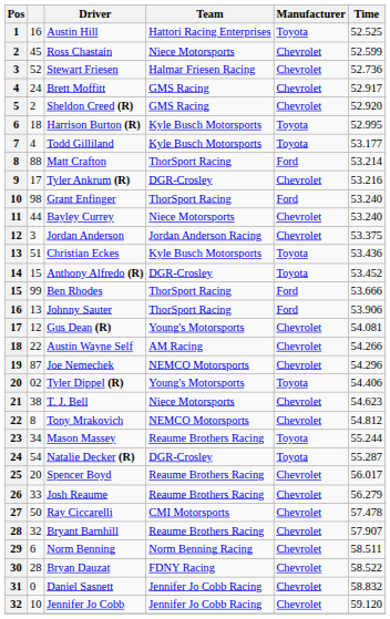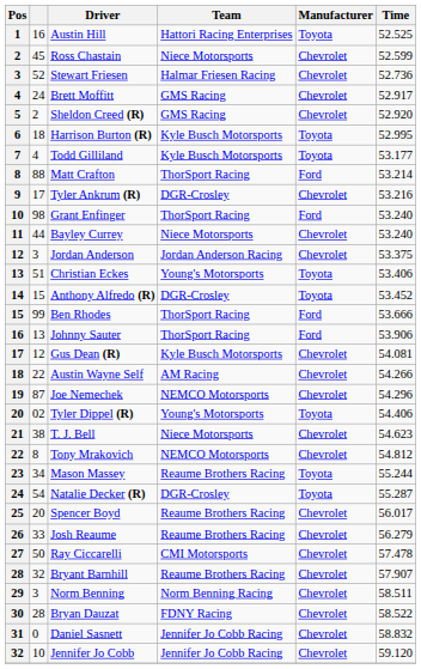 <table class="wikitable" style="font-size:98%">
 <tr>
 <th>Pos</th>
 <th></th>
 <th>Driver</th>
 <th>Team</th>
 <th>Manufacturer</th>
 <th>Time</th>
 </tr>
 <tr>
 <th>1</th>
 <td>16</td>
 <td><a href='#'>Austin Hill</a></td>
 <td><a href='#'>Hattori Racing Enterprises</a></td>
 <td><a href='#'>Toyota</a></td>
 <td>52.525</td>
 </tr>
 <tr>
 <th>2</th>
 <td>45</td>
 <td><a href='#'>Ross Chastain</a></td>
 <td><a href='#'>Niece Motorsports</a></td>
 <td><a href='#'>Chevrolet</a></td>
 <td>52.599</td>
 </tr>
 <tr>
 <th>3</th>
 <td>52</td>
 <td><a href='#'>Stewart Friesen</a></td>
 <td><a href='#'>Halmar Friesen Racing</a></td>
 <td><a href='#'>Chevrolet</a></td>
 <td>52.736</td>
 </tr>
 <tr>
 <th>4</th>
 <td>24</td>
 <td><a href='#'>Brett Moffitt</a></td>
 <td><a href='#'>GMS Racing</a></td>
 <td><a href='#'>Chevrolet</a></td>
 <td>52.917</td>
 </tr>
 <tr>
 <th>5</th>
 <td>2</td>
 <td><a href='#'>Sheldon Creed</a> <strong>(R)</strong></td>
 <td><a href='#'>GMS Racing</a></td>
 <td><a href='#'>Chevrolet</a></td>
 <td>52.920</td>
 </tr>
 <tr>
 <th>6</th>
 <td>18</td>
 <td><a href='#'>Harrison Burton</a> <strong>(R)</strong></td>
 <td><a href='#'>Kyle Busch Motorsports</a></td>
 <td><a href='#'>Toyota</a></td>
 <td>52.995</td>
 </tr>
 <tr>
 <th>7</th>
 <td>4</td>
 <td><a href='#'>Todd Gilliland</a></td>
 <td><a href='#'>Kyle Busch Motorsports</a></td>
 <td><a href='#'>Toyota</a></td>
 <td>53.177</td>
 </tr>
 <tr>
 <th>8</th>
 <td>88</td>
 <td><a href='#'>Matt Crafton</a></td>
 <td><a href='#'>ThorSport Racing</a></td>
 <td><a href='#'>Ford</a></td>
 <td>53.214</td>
 </tr>
 <tr>
 <th>9</th>
 <td>17</td>
 <td><a href='#'>Tyler Ankrum</a> <strong>(R)</strong></td>
 <td><a href='#'>DGR-Crosley</a></td>
 <td><a href='#'>Chevrolet</a></td>
 <td>53.216</td>
 </tr>
 <tr>
 <th>10</th>
 <td>98</td>
 <td><a href='#'>Grant Enfinger</a></td>
 <td><a href='#'>ThorSport Racing</a></td>
 <td><a href='#'>Ford</a></td>
 <td>53.240</td>
 </tr>
 <tr>
 <th>11</th>
 <td>44</td>
 <td><a href='#'>Bayley Currey</a></td>
 <td><a href='#'>Niece Motorsports</a></td>
 <td><a href='#'>Chevrolet</a></td>
 <td>53.240</td>
 </tr>
 <tr>
 <th>12</th>
 <td>3</td>
 <td><a href='#'>Jordan Anderson</a></td>
 <td><a href='#'>Jordan Anderson Racing</a></td>
 <td><a href='#'>Chevrolet</a></td>
 <td>53.375</td>
 </tr>
 <tr>
 <th>13</th>
 <td>51</td>
 <td><a href='#'>Christian Eckes</a></td>
-<td><a href='#'>Kyle Busch Motorsports</a></td>
+<td><a href='#'>Young's Motorsports</a></td>
 <td><a href='#'>Toyota</a></td>
-<td>53.436</td>
+<td>53.406</td>
 </tr>
 <tr>
 <th>14</th>
 <td>15</td>
 <td><a href='#'>Anthony Alfredo</a> <strong>(R)</strong></td>
 <td><a href='#'>DGR-Crosley</a></td>
 <td><a href='#'>Toyota</a></td>
 <td>53.452</td>
 </tr>
 <tr>
 <th>15</th>
 <td>99</td>
 <td><a href='#'>Ben Rhodes</a></td>
 <td><a href='#'>ThorSport Racing</a></td>
 <td><a href='#'>Ford</a></td>
 <td>53.666</td>
 </tr>
 <tr>
 <th>16</th>
 <td>13</td>
 <td><a href='#'>Johnny Sauter</a></td>
 <td><a href='#'>ThorSport Racing</a></td>
 <td><a href='#'>Ford</a></td>
 <td>53.906</td>
 </tr>
 <tr>
 <th>17</th>
 <td>12</td>
 <td><a href='#'>Gus Dean</a> <strong>(R)</strong></td>
-<td><a href='#'>Young's Motorsports</a></td>
+<td><a href='#'>Kyle Busch Motorsports</a></td>
 <td><a href='#'>Chevrolet</a></td>
 <td>54.081</td>
 </tr>
 <tr>
 <th>18</th>
 <td>22</td>
 <td><a href='#'>Austin Wayne Self</a></td>
 <td><a href='#'>AM Racing</a></td>
 <td><a href='#'>Chevrolet</a></td>
 <td>54.266</td>
 </tr>
 <tr>
 <th>19</th>
 <td>87</td>
 <td><a href='#'>Joe Nemechek</a></td>
 <td><a href='#'>NEMCO Motorsports</a></td>
 <td><a href='#'>Chevrolet</a></td>
 <td>54.296</td>
 </tr>
 <tr>
 <th>20</th>
 <td>02</td>
 <td><a href='#'>Tyler Dippel</a> <strong>(R)</strong></td>
 <td><a href='#'>Young's Motorsports</a></td>
 <td><a href='#'>Toyota</a></td>
 <td>54.406</td>
 </tr>
 <tr>
 <th>21</th>
 <td>38</td>
 <td><a href='#'>T. J. Bell</a></td>
 <td><a href='#'>Niece Motorsports</a></td>
 <td><a href='#'>Chevrolet</a></td>
 <td>54.623</td>
 </tr>
 <tr>
 <th>22</th>
 <td>8</td>
 <td><a href='#'>Tony Mrakovich</a></td>
 <td><a href='#'>NEMCO Motorsports</a></td>
 <td><a href='#'>Chevrolet</a></td>
 <td>54.812</td>
 </tr>
 <tr>
 <th>23</th>
 <td>34</td>
 <td><a href='#'>Mason Massey</a></td>
 <td><a href='#'>Reaume Brothers Racing</a></td>
 <td><a href='#'>Toyota</a></td>
 <td>55.244</td>
 </tr>
 <tr>
 <th>24</th>
 <td>54</td>
 <td><a href='#'>Natalie Decker</a> <strong>(R)</strong></td>
 <td><a href='#'>DGR-Crosley</a></td>
 <td><a href='#'>Toyota</a></td>
 <td>55.287</td>
 </tr>
 <tr>
 <th>25</th>
 <td>20</td>
 <td><a href='#'>Spencer Boyd</a></td>
 <td><a href='#'>Reaume Brothers Racing</a></td>
 <td><a href='#'>Chevrolet</a></td>
 <td>56.017</td>
 </tr>
 <tr>
 <th>26</th>
 <td>33</td>
 <td><a href='#'>Josh Reaume</a></td>
 <td><a href='#'>Reaume Brothers Racing</a></td>
 <td><a href='#'>Chevrolet</a></td>
 <td>56.279</td>
 </tr>
 <tr>
 <th>27</th>
 <td>50</td>
 <td><a href='#'>Ray Ciccarelli</a></td>
 <td><a href='#'>CMI Motorsports</a></td>
 <td><a href='#'>Chevrolet</a></td>
 <td>57.478</td>
 </tr>
 <tr>
 <th>28</th>
 <td>32</td>
 <td><a href='#'>Bryant Barnhill</a></td>
 <td><a href='#'>Reaume Brothers Racing</a></td>
 <td><a href='#'>Chevrolet</a></td>
 <td>57.907</td>
 </tr>
 <tr>
 <th>29</th>
-<td>6</td>
+<td>3</td>
 <td><a href='#'>Norm Benning</a></td>
 <td><a href='#'>Norm Benning Racing</a></td>
 <td><a href='#'>Chevrolet</a></td>
 <td>58.511</td>
 </tr>
 <tr>
 <th>30</th>
 <td>28</td>
 <td><a href='#'>Bryan Dauzat</a></td>
 <td><a href='#'>FDNY Racing</a></td>
 <td><a href='#'>Chevrolet</a></td>
 <td>58.522</td>
 </tr>
 <tr>
 <th>31</th>
 <td>0</td>
 <td><a href='#'>Daniel Sasnett</a></td>
 <td><a href='#'>Jennifer Jo Cobb Racing</a></td>
 <td><a href='#'>Chevrolet</a></td>
 <td>58.832</td>
 </tr>
 <tr>
 <th>32</th>
 <td>10</td>
 <td><a href='#'>Jennifer Jo Cobb</a></td>
 <td><a href='#'>Jennifer Jo Cobb Racing</a></td>
 <td><a href='#'>Chevrolet</a></td>
 <td>59.120</td>
 </tr>
 <tr>
 </tr>
 </table>
